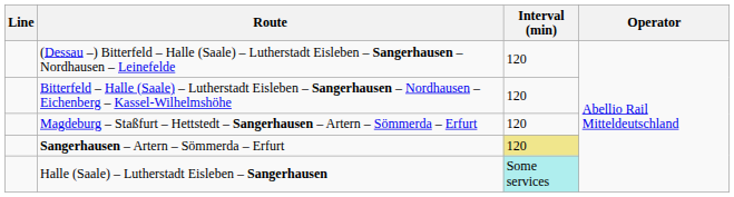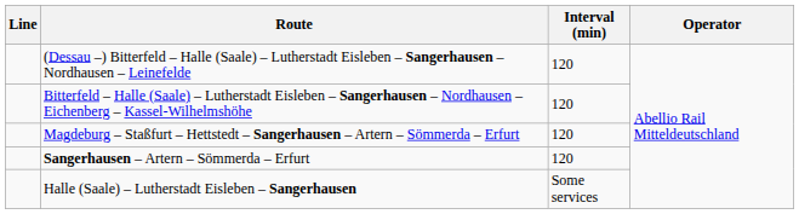 <table class="wikitable">
 <tr>
 <th>Line</th>
 <th>Route</th>
 <th>Interval (min)</th>
 <th>Operator</th>
 </tr>
 <tr>
 <td align="center"></td>
 <td>(<a href='#'>Dessau</a> –) Bitterfeld – Halle (Saale) – Lutherstadt Eisleben – <strong>Sangerhausen</strong> – Nordhausen – <a href='#'>Leinefelde</a></td>
 <td>120</td>
 <td rowspan=5><a href='#'>Abellio Rail Mitteldeutschland</a></td>
 </tr>
 <tr>
 <td align="center"></td>
 <td><a href='#'>Bitterfeld</a> – <a href='#'>Halle (Saale)</a> – Lutherstadt Eisleben – <strong>Sangerhausen</strong> – <a href='#'>Nordhausen</a> – <a href='#'>Eichenberg</a> – <a href='#'>Kassel-Wilhelmshöhe</a></td>
 <td>120</td>
 </tr>
 <tr>
 <td align="center"></td>
 <td><a href='#'>Magdeburg</a> – Staßfurt – Hettstedt – <strong>Sangerhausen</strong> – Artern – <a href='#'>Sömmerda</a> – <a href='#'>Erfurt</a></td>
 <td>120</td>
 </tr>
 <tr>
 <td align="center"></td>
 <td><strong>Sangerhausen</strong> – Artern – Sömmerda – Erfurt</td>
-<td style="background: khaki;">120</td>
+<td>120</td>
 </tr>
 <tr>
 <td align="center"></td>
 <td>Halle (Saale) – Lutherstadt Eisleben – <strong>Sangerhausen</strong></td>
-<td style="background: paleturquoise;">Some services</td>
+<td>Some services</td>
 </tr>
 </table>
